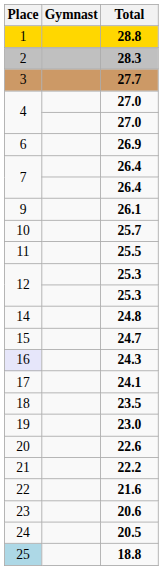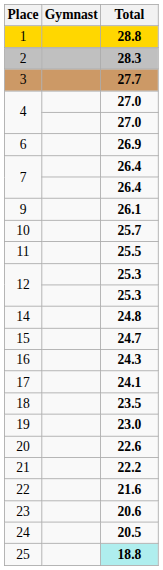 <table class=wikitable style="text-align:center">
 <tr>
 <th>Place</th>
 <th>Gymnast</th>
 <th width=60>Total</th>
 </tr>
 <tr align=center bgcolor=gold>
 <td>1</td>
 <td align=left></td>
 <td><strong>28.8</strong></td>
 </tr>
 <tr align=center bgcolor=silver>
 <td>2</td>
 <td align=left></td>
 <td><strong>28.3</strong></td>
 </tr>
 <tr align=center bgcolor=cc9966>
 <td>3</td>
 <td align=left></td>
 <td><strong>27.7</strong></td>
 </tr>
 <tr>
 <td rowspan=2>4</td>
 <td align=left></td>
 <td><strong>27.0</strong></td>
 </tr>
 <tr>
 <td align=left></td>
 <td><strong>27.0</strong></td>
 </tr>
 <tr>
 <td>6</td>
 <td align=left></td>
 <td><strong>26.9</strong></td>
 </tr>
 <tr>
 <td rowspan=2>7</td>
 <td align=left></td>
 <td><strong>26.4</strong></td>
 </tr>
 <tr>
 <td align=left></td>
 <td><strong>26.4</strong></td>
 </tr>
 <tr>
 <td>9</td>
 <td align=left></td>
 <td><strong>26.1</strong></td>
 </tr>
 <tr>
 <td>10</td>
 <td align=left></td>
 <td><strong>25.7</strong></td>
 </tr>
 <tr>
 <td>11</td>
 <td align=left></td>
 <td><strong>25.5</strong></td>
 </tr>
 <tr>
 <td rowspan=2>12</td>
 <td align=left></td>
 <td><strong>25.3</strong></td>
 </tr>
 <tr>
 <td align=left></td>
 <td><strong>25.3</strong></td>
 </tr>
 <tr>
 <td>14</td>
 <td align=left></td>
 <td><strong>24.8</strong></td>
 </tr>
 <tr>
 <td>15</td>
 <td align=left></td>
 <td><strong>24.7</strong></td>
 </tr>
 <tr>
-<td style="background: lavender;">16</td>
+<td>16</td>
 <td align=left></td>
 <td><strong>24.3</strong></td>
 </tr>
 <tr>
 <td>17</td>
 <td align=left></td>
 <td><strong>24.1</strong></td>
 </tr>
 <tr>
 <td>18</td>
 <td align=left></td>
 <td><strong>23.5</strong></td>
 </tr>
 <tr>
 <td>19</td>
 <td align=left></td>
 <td><strong>23.0</strong></td>
 </tr>
 <tr>
 <td>20</td>
 <td align=left></td>
 <td><strong>22.6</strong></td>
 </tr>
 <tr>
 <td>21</td>
 <td align=left></td>
 <td><strong>22.2</strong></td>
 </tr>
 <tr>
 <td>22</td>
 <td align=left></td>
 <td><strong>21.6</strong></td>
 </tr>
 <tr>
 <td>23</td>
 <td align=left></td>
 <td><strong>20.6</strong></td>
 </tr>
 <tr>
 <td>24</td>
 <td align=left></td>
 <td><strong>20.5</strong></td>
 </tr>
 <tr>
-<td style="background: lightblue;">25</td>
+<td>25</td>
 <td align=left></td>
-<td><strong>18.8</strong></td>
+<td style="background: paleturquoise;"><strong>18.8</strong></td>
 </tr>
 </table>
